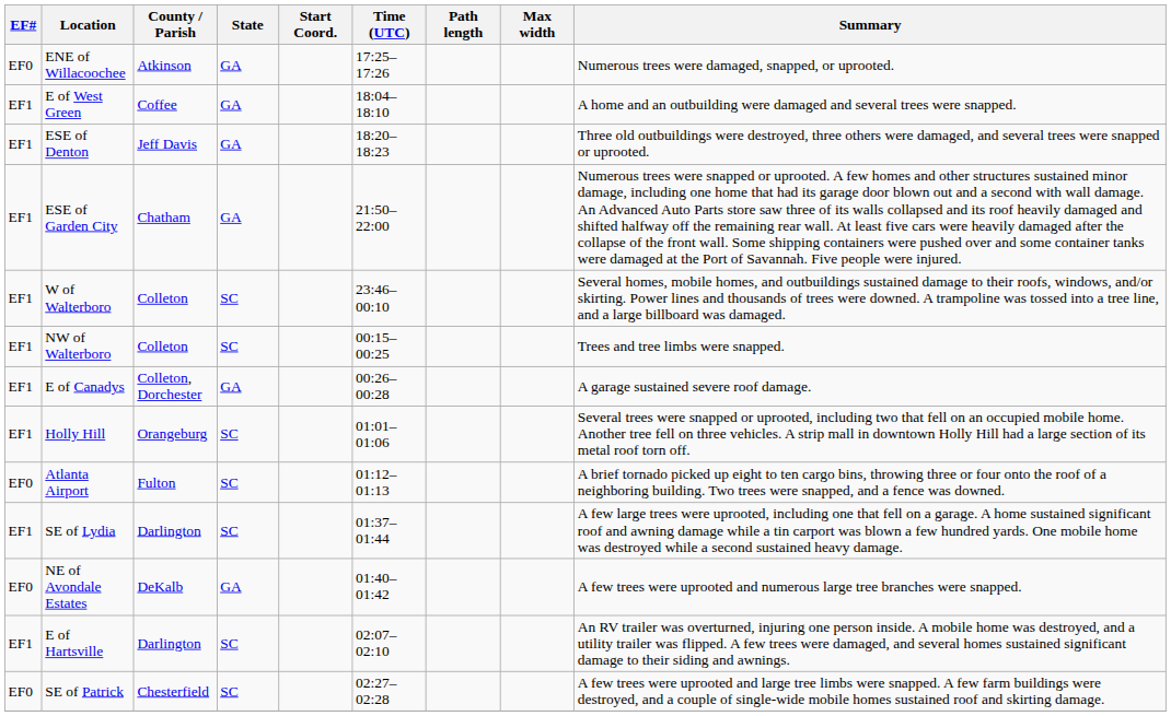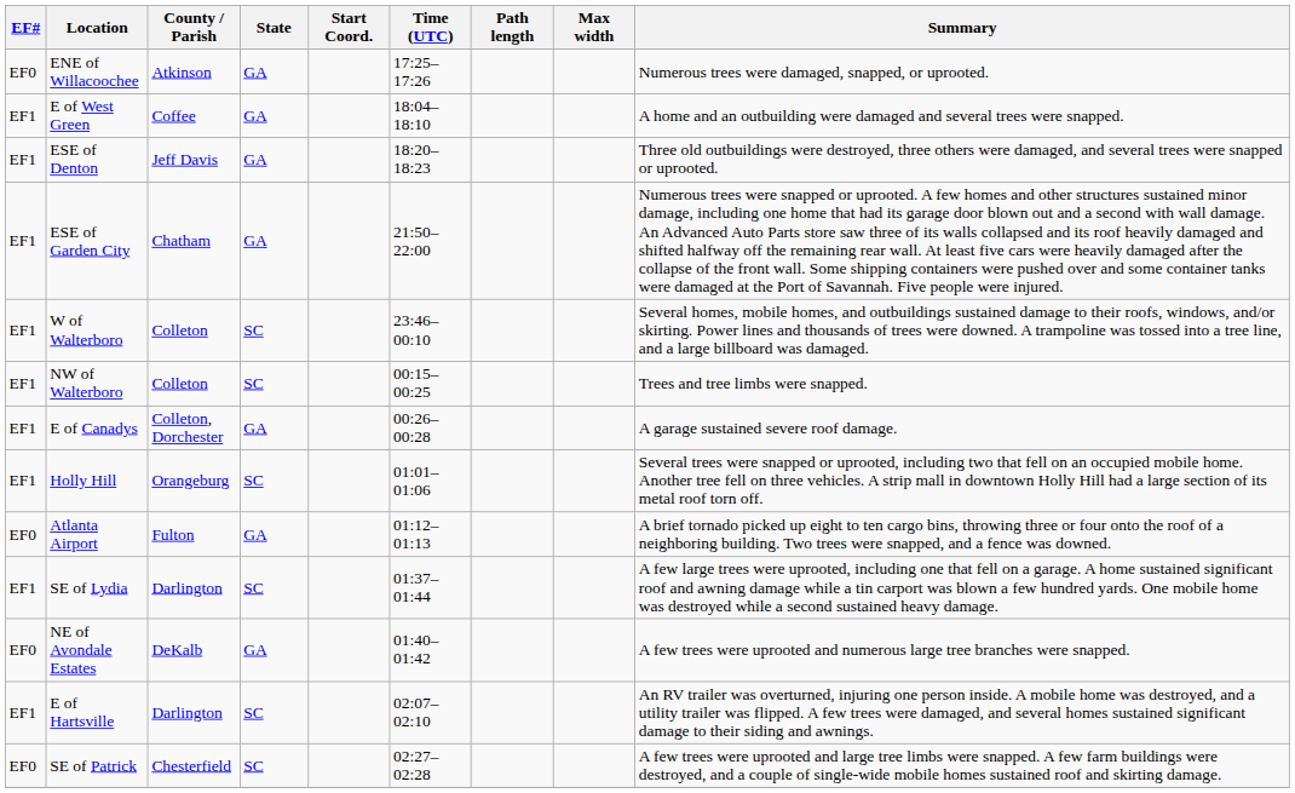 <table class="wikitable sortable" style="width:100%;">
 <tr>
 <th scope="col"  style="width:3%; text-align:center;"><a href='#'>EF#</a></th>
 <th scope="col"  style="width:7%; text-align:center;" class="unsortable">Location</th>
 <th scope="col"  style="width:6%; text-align:center;" class="unsortable">County / Parish</th>
 <th scope="col"  style="width:5%; text-align:center;">State</th>
 <th scope="col"  style="width:6%; text-align:center;">Start Coord.</th>
 <th scope="col"  style="width:6%; text-align:center;">Time (<a href='#'>UTC</a>)</th>
 <th scope="col"  style="width:6%; text-align:center;">Path length</th>
 <th scope="col"  style="width:6%; text-align:center;">Max width</th>
 <th scope="col" class="unsortable" style="width:48%; text-align:center;">Summary</th>
 </tr>
 <tr>
 <td>EF0</td>
 <td>ENE of <a href='#'>Willacoochee</a></td>
 <td><a href='#'>Atkinson</a></td>
 <td><a href='#'>GA</a></td>
 <td></td>
 <td>17:25–17:26</td>
 <td></td>
 <td></td>
 <td>Numerous trees were damaged, snapped, or uprooted.</td>
 </tr>
 <tr>
 <td>EF1</td>
 <td>E of <a href='#'>West Green</a></td>
 <td><a href='#'>Coffee</a></td>
 <td><a href='#'>GA</a></td>
 <td></td>
 <td>18:04–18:10</td>
 <td></td>
 <td></td>
 <td>A home and an outbuilding were damaged and several trees were snapped.</td>
 </tr>
 <tr>
 <td>EF1</td>
 <td>ESE of <a href='#'>Denton</a></td>
 <td><a href='#'>Jeff Davis</a></td>
 <td><a href='#'>GA</a></td>
 <td></td>
 <td>18:20–18:23</td>
 <td></td>
 <td></td>
 <td>Three old outbuildings were destroyed, three others were damaged, and several trees were snapped or uprooted.</td>
 </tr>
 <tr>
 <td>EF1</td>
 <td>ESE of <a href='#'>Garden City</a></td>
 <td><a href='#'>Chatham</a></td>
 <td><a href='#'>GA</a></td>
 <td></td>
 <td>21:50–22:00</td>
 <td></td>
 <td></td>
 <td>Numerous trees were snapped or uprooted. A few homes and other structures sustained minor damage, including one home that had its garage door blown out and a second with wall damage. An Advanced Auto Parts store saw three of its walls collapsed and its roof heavily damaged and shifted halfway off the remaining rear wall. At least five cars were heavily damaged after the collapse of the front wall. Some shipping containers were pushed over and some container tanks were damaged at the Port of Savannah. Five people were injured.</td>
 </tr>
 <tr>
 <td>EF1</td>
 <td>W of <a href='#'>Walterboro</a></td>
 <td><a href='#'>Colleton</a></td>
 <td><a href='#'>SC</a></td>
 <td></td>
 <td>23:46–00:10</td>
 <td></td>
 <td></td>
 <td>Several homes, mobile homes, and outbuildings sustained damage to their roofs, windows, and/or skirting. Power lines and thousands of trees were downed. A trampoline was tossed into a tree line, and a large billboard was damaged.</td>
 </tr>
 <tr>
 <td>EF1</td>
 <td>NW of <a href='#'>Walterboro</a></td>
 <td><a href='#'>Colleton</a></td>
 <td><a href='#'>SC</a></td>
 <td></td>
 <td>00:15–00:25</td>
 <td></td>
 <td></td>
 <td>Trees and tree limbs were snapped.</td>
 </tr>
 <tr>
 <td>EF1</td>
 <td>E of <a href='#'>Canadys</a></td>
 <td><a href='#'>Colleton</a>, <a href='#'>Dorchester</a></td>
 <td><a href='#'>GA</a></td>
 <td></td>
 <td>00:26–00:28</td>
 <td></td>
 <td></td>
 <td>A garage sustained severe roof damage.</td>
 </tr>
 <tr>
 <td>EF1</td>
 <td><a href='#'>Holly Hill</a></td>
 <td><a href='#'>Orangeburg</a></td>
 <td><a href='#'>SC</a></td>
 <td></td>
 <td>01:01–01:06</td>
 <td></td>
 <td></td>
 <td>Several trees were snapped or uprooted, including two that fell on an occupied mobile home. Another tree fell on three vehicles. A strip mall in downtown Holly Hill had a large section of its metal roof torn off.</td>
 </tr>
 <tr>
 <td>EF0</td>
 <td><a href='#'>Atlanta Airport</a></td>
 <td><a href='#'>Fulton</a></td>
-<td><a href='#'>SC</a></td>
+<td><a href='#'>GA</a></td>
 <td></td>
 <td>01:12–01:13</td>
 <td></td>
 <td></td>
 <td>A brief tornado picked up eight to ten cargo bins, throwing three or four onto the roof of a neighboring building. Two trees were snapped, and a fence was downed.</td>
 </tr>
 <tr>
 <td>EF1</td>
 <td>SE of <a href='#'>Lydia</a></td>
 <td><a href='#'>Darlington</a></td>
 <td><a href='#'>SC</a></td>
 <td></td>
 <td>01:37–01:44</td>
 <td></td>
 <td></td>
 <td>A few large trees were uprooted, including one that fell on a garage. A home sustained significant roof and awning damage while a tin carport was blown a few hundred yards. One mobile home was destroyed while a second sustained heavy damage.</td>
 </tr>
 <tr>
 <td>EF0</td>
 <td>NE of <a href='#'>Avondale Estates</a></td>
 <td><a href='#'>DeKalb</a></td>
 <td><a href='#'>GA</a></td>
 <td></td>
 <td>01:40–01:42</td>
 <td></td>
 <td></td>
 <td>A few trees were uprooted and numerous large tree branches were snapped.</td>
 </tr>
 <tr>
 <td>EF1</td>
 <td>E of <a href='#'>Hartsville</a></td>
 <td><a href='#'>Darlington</a></td>
 <td><a href='#'>SC</a></td>
 <td></td>
 <td>02:07–02:10</td>
 <td></td>
 <td></td>
 <td>An RV trailer was overturned, injuring one person inside. A mobile home was destroyed, and a utility trailer was flipped. A few trees were damaged, and several homes sustained significant damage to their siding and awnings.</td>
 </tr>
 <tr>
 <td>EF0</td>
 <td>SE of <a href='#'>Patrick</a></td>
 <td><a href='#'>Chesterfield</a></td>
 <td><a href='#'>SC</a></td>
 <td></td>
 <td>02:27–02:28</td>
 <td></td>
 <td></td>
 <td>A few trees were uprooted and large tree limbs were snapped. A few farm buildings were destroyed, and a couple of single-wide mobile homes sustained roof and skirting damage.</td>
 </tr>
 <tr>
 </tr>
 </table>
